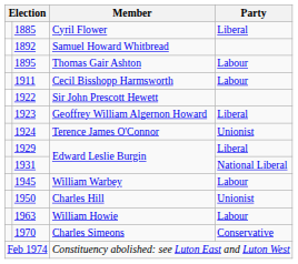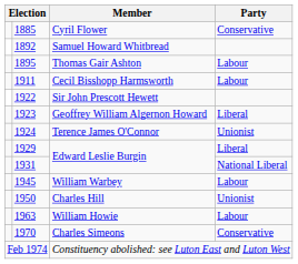 <table class="wikitable">
 <tr>
 <th colspan="2">Election</th>
 <th>Member</th>
 <th>Party</th>
 </tr>
 <tr>
 <td style="background-color: "></td>
 <td><a href='#'>1885</a></td>
 <td><a href='#'>Cyril Flower</a></td>
-<td><a href='#'>Liberal</a></td>
+<td><a href='#'>Conservative</a></td>
 </tr>
 <tr>
 <td style="background-color: white"></td>
 <td><a href='#'>1892</a></td>
 <td><a href='#'>Samuel Howard Whitbread</a></td>
 <td></td>
 </tr>
 <tr>
 <td style="background-color: "></td>
 <td><a href='#'>1895</a></td>
 <td><a href='#'>Thomas Gair Ashton</a></td>
 <td><a href='#'>Labour</a></td>
 </tr>
 <tr>
 <td style="background-color: "></td>
 <td><a href='#'>1911</a></td>
 <td><a href='#'>Cecil Bisshopp Harmsworth</a></td>
 <td><a href='#'>Labour</a></td>
 </tr>
 <tr>
 <td style="background-color: white"></td>
 <td><a href='#'>1922</a></td>
 <td><a href='#'>Sir John Prescott Hewett</a></td>
 <td></td>
 </tr>
 <tr>
 <td style="background-color: "></td>
 <td><a href='#'>1923</a></td>
 <td><a href='#'>Geoffrey William Algernon Howard</a></td>
 <td><a href='#'>Liberal</a></td>
 </tr>
 <tr>
 <td style="background-color: "></td>
 <td><a href='#'>1924</a></td>
 <td><a href='#'>Terence James O'Connor</a></td>
 <td><a href='#'>Unionist</a></td>
 </tr>
 <tr>
 <td style="background-color: "></td>
 <td><a href='#'>1929</a></td>
 <td rowspan=2><a href='#'>Edward Leslie Burgin</a></td>
 <td><a href='#'>Liberal</a></td>
 </tr>
 <tr>
 <td style="background-color: "></td>
 <td><a href='#'>1931</a></td>
 <td><a href='#'>National Liberal</a></td>
 </tr>
 <tr>
 <td style="background-color: "></td>
 <td><a href='#'>1945</a></td>
 <td><a href='#'>William Warbey</a></td>
 <td><a href='#'>Labour</a></td>
 </tr>
 <tr>
 <td style="background-color: "></td>
 <td><a href='#'>1950</a></td>
 <td><a href='#'>Charles Hill</a></td>
 <td><a href='#'>Unionist</a></td>
 </tr>
 <tr>
 <td style="background-color: "></td>
 <td><a href='#'>1963</a></td>
 <td><a href='#'>William Howie</a></td>
 <td><a href='#'>Labour</a></td>
 </tr>
 <tr>
 <td style="background-color: "></td>
 <td><a href='#'>1970</a></td>
 <td><a href='#'>Charles Simeons</a></td>
 <td><a href='#'>Conservative</a></td>
 </tr>
 <tr>
 <td colspan="2" align="center"><a href='#'>Feb 1974</a></td>
 <td colspan="2"><em>Constituency abolished: see <a href='#'>Luton East</a> and <a href='#'>Luton West</a></em></td>
 </tr>
 </table>
